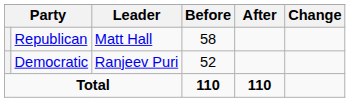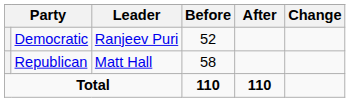 <table class="wikitable" style="text-align:center;">
 <tr>
 </tr>
 <tr>
 <th colspan=2>Party</th>
 <th>Leader</th>
 <th style="width:3em">Before</th>
 <th style="width:3em">After</th>
 <th style="width:3em">Change</th>
 </tr>
 <tr>
 <th style="background-color:"></th>
-<td style="text-align:left;"><a href='#'>Republican</a></td>
-<td style="text-align:left;"><a href='#'>Matt Hall</a></td>
-<td>58</td>
+<td style="text-align:left;"><a href='#'>Democratic</a></td>
+<td style="text-align:left;"><a href='#'>Ranjeev Puri</a></td>
+<td>52</td>
 <td></td>
 <td></td>
 </tr>
 <tr>
 <th style="background-color:"></th>
-<td style="text-align:left;"><a href='#'>Democratic</a></td>
-<td style="text-align:left;"><a href='#'>Ranjeev Puri</a></td>
-<td>52</td>
+<td style="text-align:left;"><a href='#'>Republican</a></td>
+<td style="text-align:left;"><a href='#'>Matt Hall</a></td>
+<td>58</td>
 <td></td>
 <td></td>
 </tr>
 <tr>
 <td colspan=3><strong>Total</strong></td>
 <td><strong>110</strong></td>
 <td><strong>110</strong></td>
 <td></td>
 </tr>
 </table>
